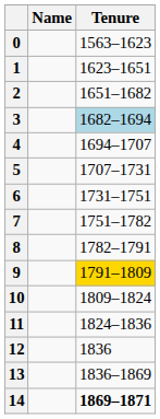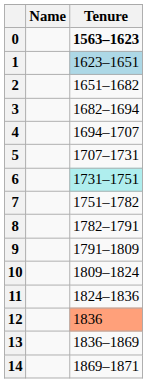 <table class=wikitable>
 <tr>
 </tr>
 <tr>
 <th scope="col"></th>
 <th scope="col">Name</th>
 <th scope="col">Tenure</th>
 </tr>
 <tr>
 <th scope="row">0</th>
 <td></td>
-<td>1563–1623</td>
+<td><strong>1563–1623</strong></td>
 </tr>
 <tr>
 <th scope="row">1</th>
 <td></td>
-<td>1623–1651</td>
+<td style="background: lightblue;">1623–1651</td>
 </tr>
 <tr>
 <th scope="row">2</th>
 <td></td>
 <td>1651–1682</td>
 </tr>
 <tr>
 <th scope="row">3</th>
 <td></td>
-<td style="background: lightblue;">1682–1694</td>
+<td>1682–1694</td>
 </tr>
 <tr>
 <th scope="row">4</th>
 <td></td>
 <td>1694–1707</td>
 </tr>
 <tr>
 <th scope="row">5</th>
 <td></td>
 <td>1707–1731</td>
 </tr>
 <tr>
 <th scope="row">6</th>
 <td></td>
-<td>1731–1751</td>
+<td style="background: paleturquoise;">1731–1751</td>
 </tr>
 <tr>
 <th scope="row">7</th>
 <td></td>
 <td>1751–1782</td>
 </tr>
 <tr>
 <th scope="row">8</th>
 <td></td>
 <td>1782–1791</td>
 </tr>
 <tr>
 <th scope="row">9</th>
 <td></td>
-<td style="background: gold;">1791–1809</td>
+<td>1791–1809</td>
 </tr>
 <tr>
 <th scope="row">10</th>
 <td></td>
 <td>1809–1824</td>
 </tr>
 <tr>
 <th scope="row">11</th>
 <td></td>
 <td>1824–1836</td>
 </tr>
 <tr>
 <th scope="row">12</th>
 <td></td>
-<td>1836</td>
+<td style="background: lightsalmon;">1836</td>
 </tr>
 <tr>
 <th scope="row">13</th>
 <td></td>
 <td>1836–1869</td>
 </tr>
 <tr>
 <th scope="row">14</th>
 <td></td>
-<td><strong>1869–1871</strong></td>
+<td>1869–1871</td>
 </tr>
 </table>
